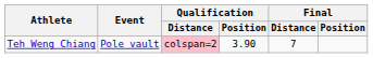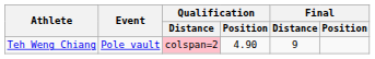 <table class=wikitable style="font-size:90%">
 <tr>
 <th rowspan="2">Athlete</th>
 <th rowspan="2">Event</th>
 <th colspan="2">Qualification</th>
 <th colspan="2">Final</th>
 </tr>
 <tr style="font-size:95%">
 <th>Distance</th>
 <th>Position</th>
 <th>Distance</th>
 <th>Position</th>
 </tr>
 <tr align=center>
 <td align=left><a href='#'>Teh Weng Chiang</a></td>
 <td align=left><a href='#'>Pole vault</a></td>
 <td style="background: pink;">colspan=2 </td>
-<td>3.90</td>
-<td>7</td>
+<td>4.90</td>
+<td>9</td>
 </tr>
 </table>
